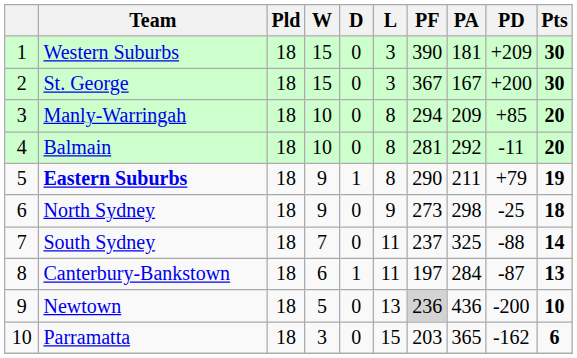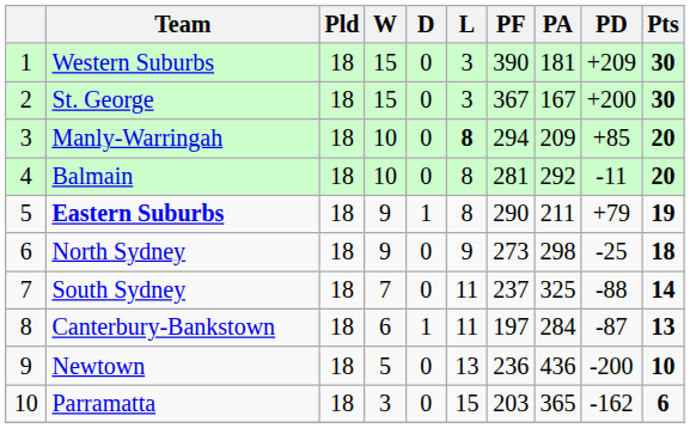 <table class="wikitable" style="text-align:center;">
 <tr>
 <th width=20 abbr="Position×"></th>
 <th width=175>Team</th>
 <th width=20 abbr="Played">Pld</th>
 <th width=20 abbr="Won">W</th>
 <th width=20 abbr="Drawn">D</th>
 <th width=20 abbr="Lost">L</th>
 <th width=20 abbr="Points for">PF</th>
 <th width=20 abbr="Points against">PA</th>
 <th width=20 abbr="Points difference">PD</th>
 <th width=20 abbr="Points">Pts</th>
 </tr>
 <tr style="background: #ccffcc;">
 <td>1</td>
 <td style="text-align:left;"> <a href='#'>Western Suburbs</a></td>
 <td>18</td>
 <td>15</td>
 <td>0</td>
 <td>3</td>
 <td>390</td>
 <td>181</td>
 <td>+209</td>
 <td><strong>30</strong></td>
 </tr>
 <tr style="background: #ccffcc;">
 <td>2</td>
 <td style="text-align:left;"> <a href='#'>St. George</a></td>
 <td>18</td>
 <td>15</td>
 <td>0</td>
 <td>3</td>
 <td>367</td>
 <td>167</td>
 <td>+200</td>
 <td><strong>30</strong></td>
 </tr>
 <tr style="background: #ccffcc;">
 <td>3</td>
 <td style="text-align:left;"> <a href='#'>Manly-Warringah</a></td>
 <td>18</td>
 <td>10</td>
 <td>0</td>
-<td>8</td>
+<td><strong>8</strong></td>
 <td>294</td>
 <td>209</td>
 <td>+85</td>
 <td><strong>20</strong></td>
 </tr>
 <tr style="background: #ccffcc;">
 <td>4</td>
 <td style="text-align:left;"> <a href='#'>Balmain</a></td>
 <td>18</td>
 <td>10</td>
 <td>0</td>
 <td>8</td>
 <td>281</td>
 <td>292</td>
 <td>-11</td>
 <td><strong>20</strong></td>
 </tr>
 <tr>
 <td>5</td>
 <td style="text-align:left;"> <strong><a href='#'>Eastern Suburbs</a></strong></td>
 <td>18</td>
 <td>9</td>
 <td>1</td>
 <td>8</td>
 <td>290</td>
 <td>211</td>
 <td>+79</td>
 <td><strong>19</strong></td>
 </tr>
 <tr>
 <td>6</td>
 <td style="text-align:left;"> <a href='#'>North Sydney</a></td>
 <td>18</td>
 <td>9</td>
 <td>0</td>
 <td>9</td>
 <td>273</td>
 <td>298</td>
 <td>-25</td>
 <td><strong>18</strong></td>
 </tr>
 <tr>
 <td>7</td>
 <td style="text-align:left;"> <a href='#'>South Sydney</a></td>
 <td>18</td>
 <td>7</td>
 <td>0</td>
 <td>11</td>
 <td>237</td>
 <td>325</td>
 <td>-88</td>
 <td><strong>14</strong></td>
 </tr>
 <tr>
 <td>8</td>
 <td style="text-align:left;"> <a href='#'>Canterbury-Bankstown</a></td>
 <td>18</td>
 <td>6</td>
 <td>1</td>
 <td>11</td>
 <td>197</td>
 <td>284</td>
 <td>-87</td>
 <td><strong>13</strong></td>
 </tr>
 <tr>
 <td>9</td>
 <td style="text-align:left;"> <a href='#'>Newtown</a></td>
 <td>18</td>
 <td>5</td>
 <td>0</td>
 <td>13</td>
-<td style="background: lightgrey;">236</td>
+<td>236</td>
 <td>436</td>
 <td>-200</td>
 <td><strong>10</strong></td>
 </tr>
 <tr>
 <td>10</td>
 <td style="text-align:left;"> <a href='#'>Parramatta</a></td>
 <td>18</td>
 <td>3</td>
 <td>0</td>
 <td>15</td>
 <td>203</td>
 <td>365</td>
 <td>-162</td>
 <td><strong>6</strong></td>
 </tr>
 <tr>
 </tr>
 </table>
